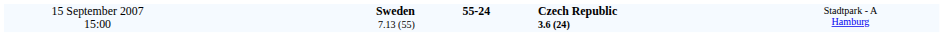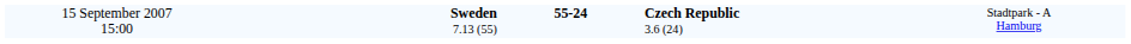 <table style="width: 100%; background:#F5FAFF;" cellspacing="0">
 <tr>
 <td align=center rowspan=3 width=20%>15 September 2007<br>15:00</td>
 </tr>
 <tr>
 <td width=24% align=right><strong>Sweden</strong></td>
 <td align=center width=13%><strong>55-24</strong></td>
 <td width=24%><strong>Czech Republic</strong></td>
 <td style=font-size:85% rowspan=3 valign=top align=center>Stadtpark - A <br><a href='#'>Hamburg</a></td>
 </tr>
 <tr style=font-size:85%>
 <td align=right>7.13 (55)</td>
 <td align=center></td>
-<td><strong>3.6 (24)</strong></td>
+<td>3.6 (24)</td>
 </tr>
 </table>
